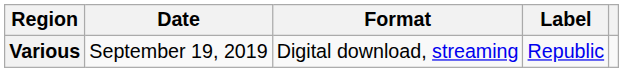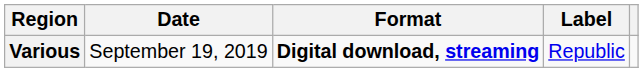 <table class="wikitable plainrowheaders">
 <tr>
 <th>Region</th>
 <th>Date</th>
 <th>Format</th>
 <th>Label</th>
 <th></th>
 </tr>
 <tr>
 <th scope="row">Various</th>
 <td>September 19, 2019</td>
-<td>Digital download, <a href='#'>streaming</a></td>
+<td><strong>Digital download, <a href='#'>streaming</a></strong></td>
 <td rowspan="2"><a href='#'>Republic</a></td>
 <td></td>
 </tr>
 </table>
